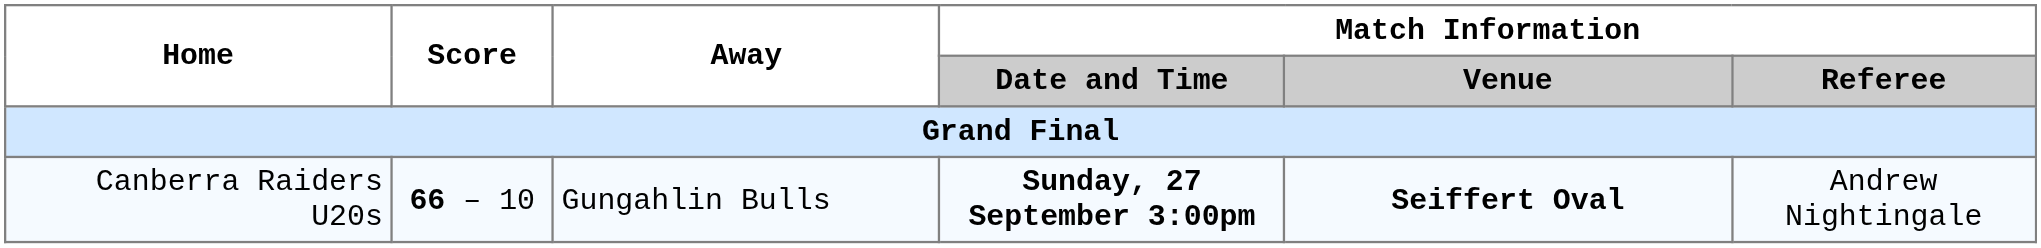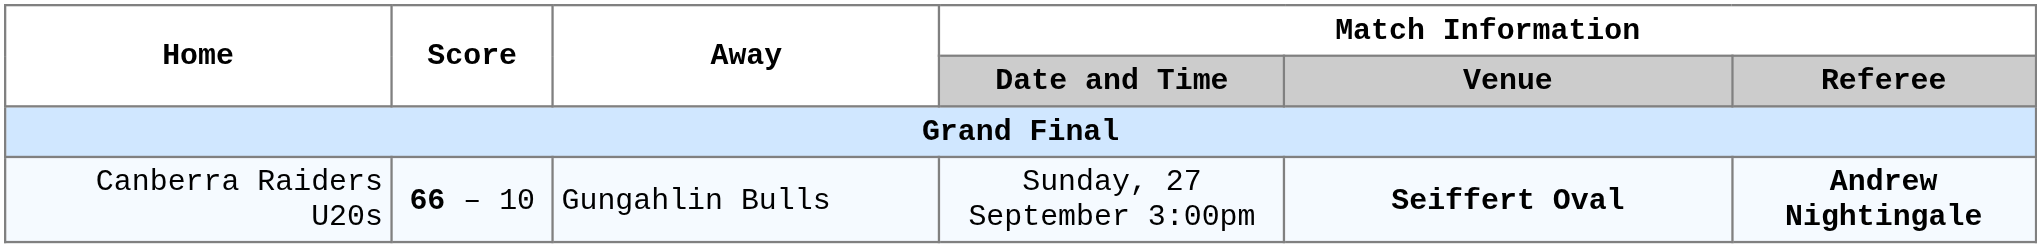 <table width="100%" cellspacing="0" cellpadding="3" border="1" style="border-collapse:collapse;  text-align:center;">
 <tr>
 <th rowspan="2" width="19%">Home</th>
 <th rowspan="2" width="8%">Score</th>
 <th rowspan="2" width="19%">Away</th>
 <th colspan="3">Match Information</th>
 </tr>
 <tr bgcolor="#CCCCCC">
 <th width="17%">Date and Time</th>
 <th width="22%">Venue</th>
 <th width="50%">Referee</th>
 </tr>
 <tr style="background:#d0e7ff;">
 <td colspan="6"><strong>Grand Final</strong></td>
 </tr>
 <tr style="text-align:center; background:#f5faff;">
 <td align="right">Canberra Raiders U20s </td>
 <td><strong>66</strong> – 10</td>
 <td align="left"> Gungahlin Bulls</td>
-<td><strong>Sunday, 27 September 3:00pm</strong></td>
+<td>Sunday, 27 September 3:00pm</td>
 <td><strong>Seiffert Oval</strong></td>
-<td>Andrew Nightingale</td>
+<td><strong>Andrew Nightingale</strong></td>
 </tr>
 </table>
